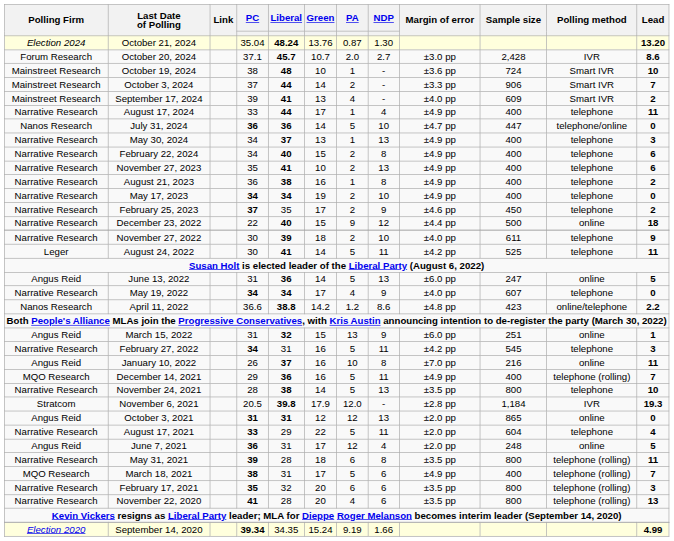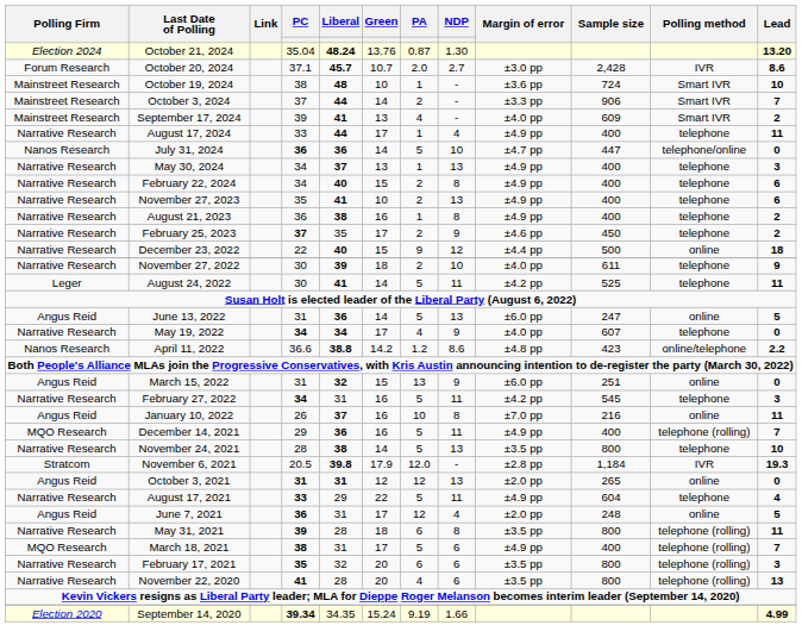 <table class="wikitable sortable tpl-blanktable" style="text-align:center;font-size:90%;line-height:14px">
 <tr style="height:40px;">
 <th rowspan="2">Polling Firm</th>
 <th rowspan="2">Last Date<br>of Polling</th>
 <th rowspan="2" class="unsortable">Link</th>
 <th style="width: 40px"><a href='#'>PC</a></th>
 <th style="width: 40px"><a href='#'>Liberal</a></th>
 <th style="width: 40px"><a href='#'>Green</a></th>
 <th style="width: 40px"><a href='#'>PA</a></th>
 <th style="width: 40px"><a href='#'>NDP</a></th>
 <th rowspan="2">Margin of error</th>
 <th rowspan="2">Sample size</th>
 <th rowspan="2">Polling method</th>
 <th rowspan="2">Lead</th>
 </tr>
 <tr>
 <th style="background:"></th>
 <th style="background:"></th>
 <th style="background:"></th>
 <th style="background:"></th>
 <th style="background:"></th>
 </tr>
 <tr style="background:#ffd;">
 <td><em>Election 2024</em></td>
 <td>October 21, 2024</td>
 <td></td>
 <td>35.04</td>
 <td><strong>48.24</strong></td>
 <td>13.76</td>
 <td>0.87</td>
 <td>1.30</td>
 <td></td>
 <td></td>
 <td></td>
 <td><strong>13.20</strong></td>
 </tr>
 <tr>
 <td>Forum Research</td>
 <td>October 20, 2024</td>
 <td></td>
 <td>37.1</td>
 <td><strong>45.7</strong></td>
 <td>10.7</td>
 <td>2.0</td>
 <td>2.7</td>
 <td>±3.0 pp</td>
 <td>2,428</td>
 <td>IVR</td>
 <td><strong>8.6</strong></td>
 </tr>
 <tr>
 <td>Mainstreet Research</td>
 <td>October 19, 2024</td>
 <td></td>
 <td>38</td>
 <td><strong>48</strong></td>
 <td>10</td>
 <td>1</td>
 <td>-</td>
 <td>±3.6 pp</td>
 <td>724</td>
 <td>Smart IVR</td>
 <td><strong>10</strong></td>
 </tr>
 <tr>
 <td>Mainstreet Research</td>
 <td>October 3, 2024</td>
 <td></td>
 <td>37</td>
 <td><strong>44</strong></td>
 <td>14</td>
 <td>2</td>
 <td>-</td>
 <td>±3.3 pp</td>
 <td>906</td>
 <td>Smart IVR</td>
 <td><strong>7</strong></td>
 </tr>
 <tr>
 <td>Mainstreet Research</td>
 <td>September 17, 2024</td>
 <td></td>
 <td>39</td>
 <td><strong>41</strong></td>
 <td>13</td>
 <td>4</td>
 <td>-</td>
 <td>±4.0 pp</td>
 <td>609</td>
 <td>Smart IVR</td>
 <td><strong>2</strong></td>
 </tr>
 <tr>
 <td>Narrative Research</td>
 <td>August 17, 2024</td>
 <td></td>
 <td>33</td>
 <td><strong>44</strong></td>
 <td>17</td>
 <td>1</td>
 <td>4</td>
 <td>±4.9 pp</td>
 <td>400</td>
 <td>telephone</td>
 <td><strong>11</strong></td>
 </tr>
 <tr>
 <td>Nanos Research</td>
 <td>July 31, 2024</td>
 <td></td>
 <td><strong>36</strong></td>
 <td><strong>36</strong></td>
 <td>14</td>
 <td>5</td>
 <td>10</td>
 <td>±4.7 pp</td>
 <td>447</td>
 <td>telephone/online</td>
 <td><strong>0</strong></td>
 </tr>
 <tr>
 <td>Narrative Research</td>
 <td>May 30, 2024</td>
 <td></td>
 <td>34</td>
 <td><strong>37</strong></td>
 <td>13</td>
 <td>1</td>
 <td>13</td>
 <td>±4.9 pp</td>
 <td>400</td>
 <td>telephone</td>
 <td><strong>3</strong></td>
 </tr>
 <tr>
 <td>Narrative Research</td>
 <td>February 22, 2024</td>
 <td></td>
 <td>34</td>
 <td><strong>40</strong></td>
 <td>15</td>
 <td>2</td>
 <td>8</td>
 <td>±4.9 pp</td>
 <td>400</td>
 <td>telephone</td>
 <td><strong>6</strong></td>
 </tr>
 <tr>
 <td>Narrative Research</td>
 <td>November 27, 2023</td>
 <td></td>
 <td>35</td>
 <td><strong>41</strong></td>
 <td>10</td>
 <td>2</td>
 <td>13</td>
 <td>±4.9 pp</td>
 <td>400</td>
 <td>telephone</td>
 <td><strong>6</strong></td>
 </tr>
 <tr>
 <td>Narrative Research</td>
 <td>August 21, 2023</td>
 <td></td>
 <td>36</td>
 <td><strong>38</strong></td>
 <td>16</td>
 <td>1</td>
 <td>8</td>
 <td>±4.9 pp</td>
 <td>400</td>
 <td>telephone</td>
 <td><strong>2</strong></td>
 </tr>
 <tr>
 <td>Narrative Research</td>
-<td>May 17, 2023</td>
-<td></td>
-<td><strong>34</strong></td>
-<td><strong>34</strong></td>
-<td>19</td>
-<td>2</td>
-<td>10</td>
-<td>±4.9 pp</td>
-<td>400</td>
-<td>telephone</td>
-<td><strong>0</strong></td>
-</tr>
-<tr>
-<td>Narrative Research</td>
 <td>February 25, 2023</td>
 <td></td>
 <td><strong>37</strong></td>
 <td>35</td>
 <td>17</td>
 <td>2</td>
 <td>9</td>
 <td>±4.6 pp</td>
 <td>450</td>
 <td>telephone</td>
 <td><strong>2</strong></td>
 </tr>
 <tr>
 <td>Narrative Research</td>
 <td>December 23, 2022</td>
 <td></td>
 <td>22</td>
 <td><strong>40</strong></td>
 <td>15</td>
 <td>9</td>
 <td>12</td>
 <td>±4.4 pp</td>
 <td>500</td>
 <td>online</td>
 <td><strong>18</strong></td>
 </tr>
 <tr>
 </tr>
 <tr>
 <td>Narrative Research</td>
 <td>November 27, 2022</td>
 <td></td>
 <td>30</td>
 <td><strong>39</strong></td>
 <td>18</td>
 <td>2</td>
 <td>10</td>
 <td>±4.0 pp</td>
 <td>611</td>
 <td>telephone</td>
 <td><strong>9</strong></td>
 </tr>
 <tr>
 <td>Leger</td>
 <td>August 24, 2022</td>
 <td></td>
 <td>30</td>
 <td><strong>41</strong></td>
 <td>14</td>
 <td>5</td>
 <td>11</td>
 <td>±4.2 pp</td>
 <td>525</td>
 <td>telephone</td>
 <td><strong>11</strong></td>
 </tr>
 <tr>
 <td colspan="12"><strong><a href='#'>Susan Holt</a> is elected leader of the <a href='#'>Liberal Party</a> (August 6, 2022)</strong></td>
 </tr>
 <tr>
 <td>Angus Reid</td>
 <td>June 13, 2022</td>
 <td></td>
 <td>31</td>
 <td><strong>36</strong></td>
 <td>14</td>
 <td>5</td>
 <td>13</td>
 <td>±6.0 pp</td>
 <td>247</td>
 <td>online</td>
 <td><strong>5</strong></td>
 </tr>
 <tr>
 <td>Narrative Research</td>
 <td>May 19, 2022</td>
 <td></td>
 <td><strong>34</strong></td>
 <td><strong>34</strong></td>
 <td>17</td>
 <td>4</td>
 <td>9</td>
 <td>±4.0 pp</td>
 <td>607</td>
 <td>telephone</td>
 <td><strong>0</strong></td>
 </tr>
 <tr>
 <td>Nanos Research</td>
 <td>April 11, 2022</td>
 <td></td>
 <td>36.6</td>
 <td><strong>38.8</strong></td>
 <td>14.2</td>
 <td>1.2</td>
 <td>8.6</td>
 <td>±4.8 pp</td>
 <td>423</td>
 <td>online/telephone</td>
 <td><strong>2.2</strong></td>
 </tr>
 <tr>
 <td colspan="12"><strong>Both <a href='#'>People's Alliance</a> MLAs join the <a href='#'>Progressive Conservatives</a>, with <a href='#'>Kris Austin</a> announcing intention to de-register the party (March 30, 2022)</strong></td>
 </tr>
 <tr>
 <td>Angus Reid</td>
 <td>March 15, 2022</td>
 <td></td>
 <td>31</td>
 <td><strong>32</strong></td>
 <td>15</td>
 <td>13</td>
 <td>9</td>
 <td>±6.0 pp</td>
 <td>251</td>
 <td>online</td>
-<td><strong>1</strong></td>
+<td><strong>0</strong></td>
 </tr>
 <tr>
 <td>Narrative Research</td>
 <td>February 27, 2022</td>
 <td></td>
 <td><strong>34</strong></td>
 <td>31</td>
 <td>16</td>
 <td>5</td>
 <td>11</td>
 <td>±4.2 pp</td>
 <td>545</td>
 <td>telephone</td>
 <td><strong>3</strong></td>
 </tr>
 <tr>
 <td>Angus Reid</td>
 <td>January 10, 2022</td>
 <td></td>
 <td>26</td>
 <td><strong>37</strong></td>
 <td>16</td>
 <td>10</td>
 <td>8</td>
 <td>±7.0 pp</td>
 <td>216</td>
 <td>online</td>
 <td><strong>11</strong></td>
 </tr>
 <tr>
 <td>MQO Research</td>
 <td>December 14, 2021</td>
 <td></td>
 <td>29</td>
 <td><strong>36</strong></td>
 <td>16</td>
 <td>5</td>
 <td>11</td>
 <td>±4.9 pp</td>
 <td>400</td>
 <td>telephone (rolling)</td>
 <td><strong>7</strong></td>
 </tr>
 <tr>
 <td>Narrative Research</td>
 <td>November 24, 2021</td>
 <td></td>
 <td>28</td>
 <td><strong>38</strong></td>
 <td>14</td>
 <td>5</td>
 <td>13</td>
 <td>±3.5 pp</td>
 <td>800</td>
 <td>telephone</td>
 <td><strong>10</strong></td>
 </tr>
 <tr>
 <td>Stratcom</td>
 <td>November 6, 2021</td>
 <td></td>
 <td>20.5</td>
 <td><strong>39.8</strong></td>
 <td>17.9</td>
 <td>12.0</td>
 <td>-</td>
 <td>±2.8 pp</td>
 <td>1,184</td>
 <td>IVR</td>
 <td><strong>19.3</strong></td>
 </tr>
 <tr>
 <td>Angus Reid</td>
 <td>October 3, 2021</td>
 <td></td>
 <td><strong>31</strong></td>
 <td><strong>31</strong></td>
 <td>12</td>
 <td>12</td>
 <td>13</td>
 <td>±2.0 pp</td>
-<td>865</td>
+<td>265</td>
 <td>online</td>
 <td><strong>0</strong></td>
 </tr>
 <tr>
 <td>Narrative Research</td>
 <td>August 17, 2021</td>
 <td></td>
 <td><strong>33</strong></td>
 <td>29</td>
 <td>22</td>
 <td>5</td>
 <td>11</td>
-<td>±2.0 pp</td>
+<td>±4.9 pp</td>
 <td>604</td>
 <td>telephone</td>
 <td><strong>4</strong></td>
 </tr>
 <tr>
 <td>Angus Reid</td>
 <td>June 7, 2021</td>
 <td></td>
 <td><strong>36</strong></td>
 <td>31</td>
 <td>17</td>
 <td>12</td>
 <td>4</td>
 <td>±2.0 pp</td>
 <td>248</td>
 <td>online</td>
 <td><strong>5</strong></td>
 </tr>
 <tr>
 <td>Narrative Research</td>
 <td>May 31, 2021</td>
 <td></td>
 <td><strong>39</strong></td>
 <td>28</td>
 <td>18</td>
 <td>6</td>
 <td>8</td>
 <td>±3.5 pp</td>
 <td>800</td>
 <td>telephone (rolling)</td>
 <td><strong>11</strong></td>
 </tr>
 <tr>
 <td>MQO Research</td>
 <td>March 18, 2021</td>
 <td></td>
 <td><strong>38</strong></td>
 <td>31</td>
 <td>17</td>
 <td>5</td>
 <td>6</td>
 <td>±4.9 pp</td>
 <td>400</td>
 <td>telephone (rolling)</td>
 <td><strong>7</strong></td>
 </tr>
 <tr>
 <td>Narrative Research</td>
 <td>February 17, 2021</td>
 <td></td>
 <td><strong>35</strong></td>
 <td>32</td>
 <td>20</td>
 <td>6</td>
 <td>6</td>
 <td>±3.5 pp</td>
 <td>800</td>
 <td>telephone (rolling)</td>
 <td><strong>3</strong></td>
 </tr>
 <tr>
 <td>Narrative Research</td>
 <td>November 22, 2020</td>
 <td></td>
 <td><strong>41</strong></td>
 <td>28</td>
 <td>20</td>
 <td>4</td>
 <td>6</td>
 <td>±3.5 pp</td>
 <td>800</td>
 <td>telephone (rolling)</td>
 <td><strong>13</strong></td>
 </tr>
 <tr>
 <td colspan="12" align="center"><strong><a href='#'>Kevin Vickers</a> resigns as <a href='#'>Liberal Party</a> leader; MLA for <a href='#'>Dieppe</a> <a href='#'>Roger Melanson</a> becomes interim leader (September 14, 2020)</strong></td>
 </tr>
 <tr>
 </tr>
 <tr style="background:#ffd;">
 <td><em><a href='#'>Election 2020</a></em></td>
 <td>September 14, 2020</td>
 <td></td>
 <td><strong>39.34</strong></td>
 <td>34.35</td>
 <td>15.24</td>
 <td>9.19</td>
 <td>1.66</td>
 <td></td>
 <td></td>
 <td></td>
 <td><strong>4.99</strong></td>
 </tr>
 </table>
